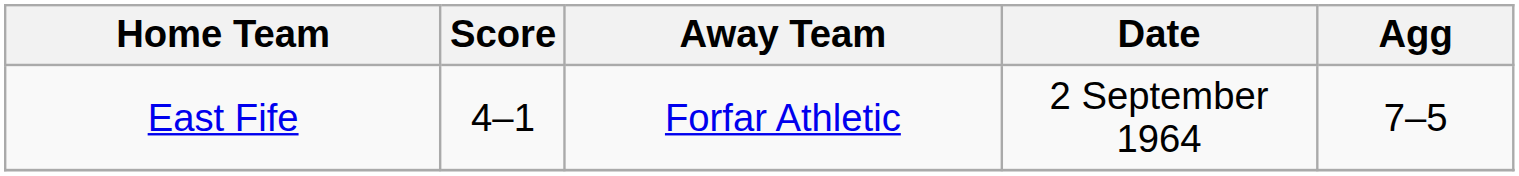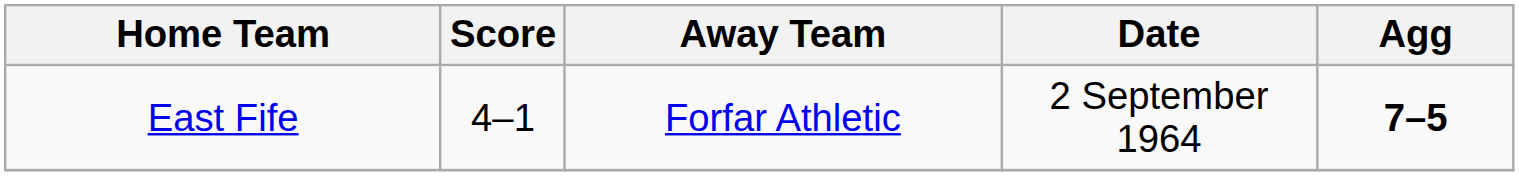 <table class="wikitable" style="text-align:center;">
 <tr>
 <th width=175>Home Team</th>
 <th width=20>Score</th>
 <th width=175>Away Team</th>
 <th width= 125>Date</th>
 <th width= 75>Agg</th>
 </tr>
 <tr>
 <td><a href='#'>East Fife</a></td>
 <td>4–1</td>
 <td><a href='#'>Forfar Athletic</a></td>
 <td>2 September 1964</td>
-<td>7–5</td>
+<td><strong>7–5</strong></td>
 </tr>
 <tr>
 </tr>
 </table>
